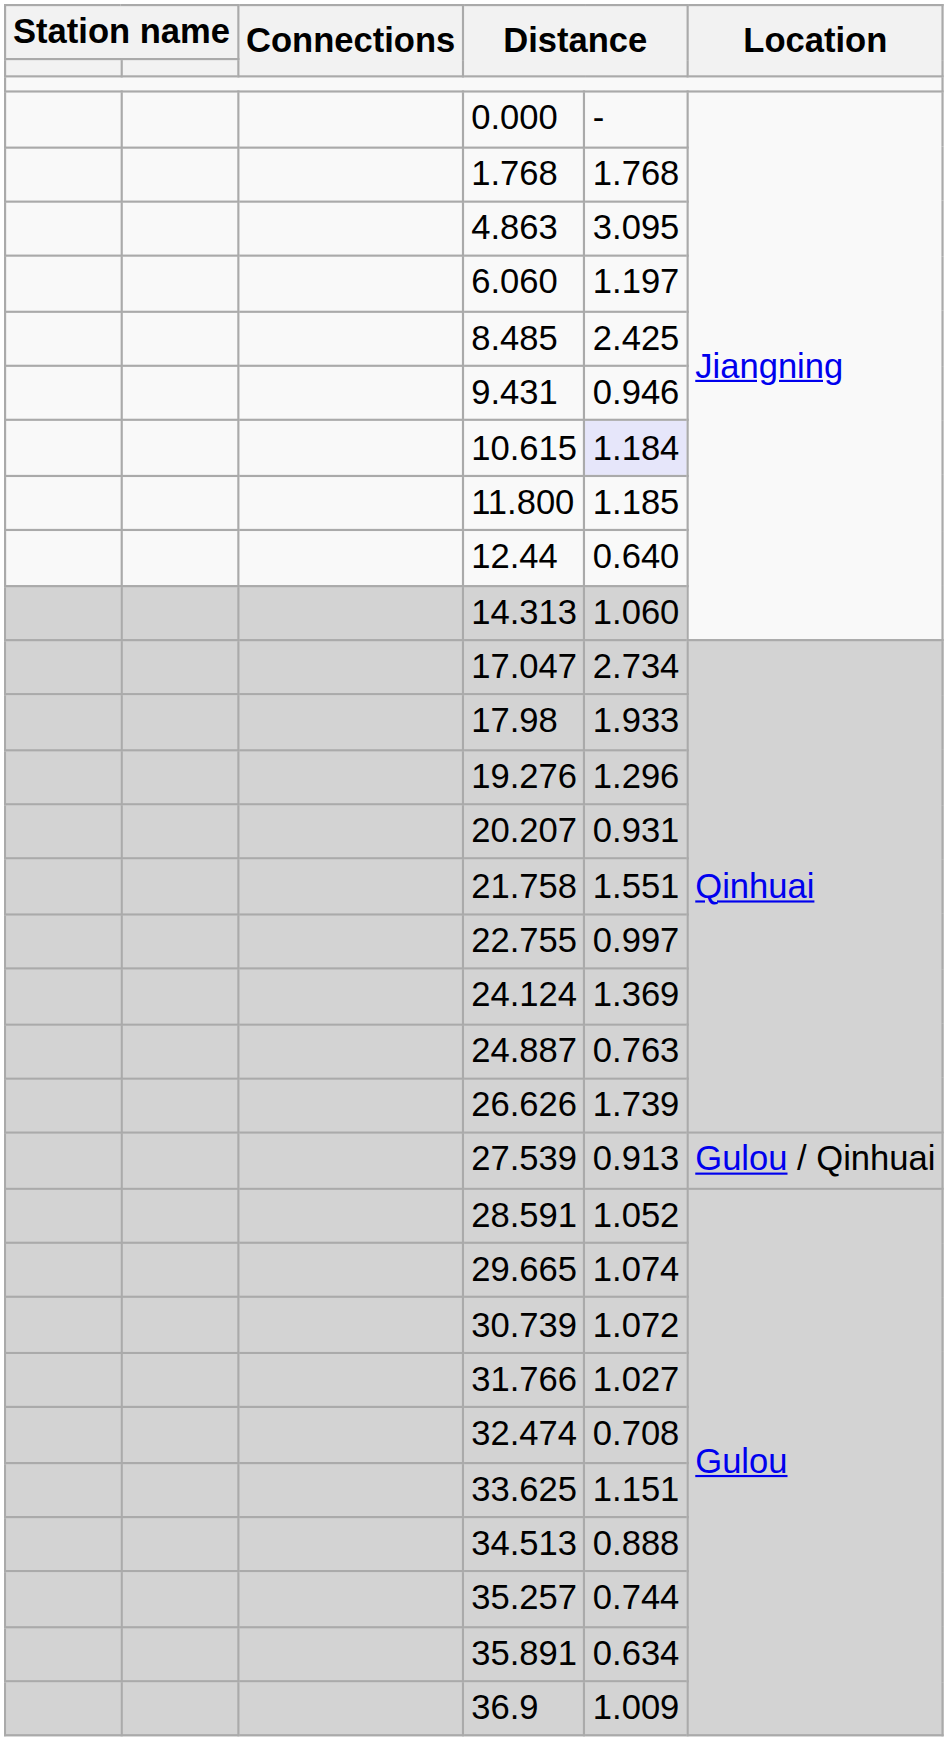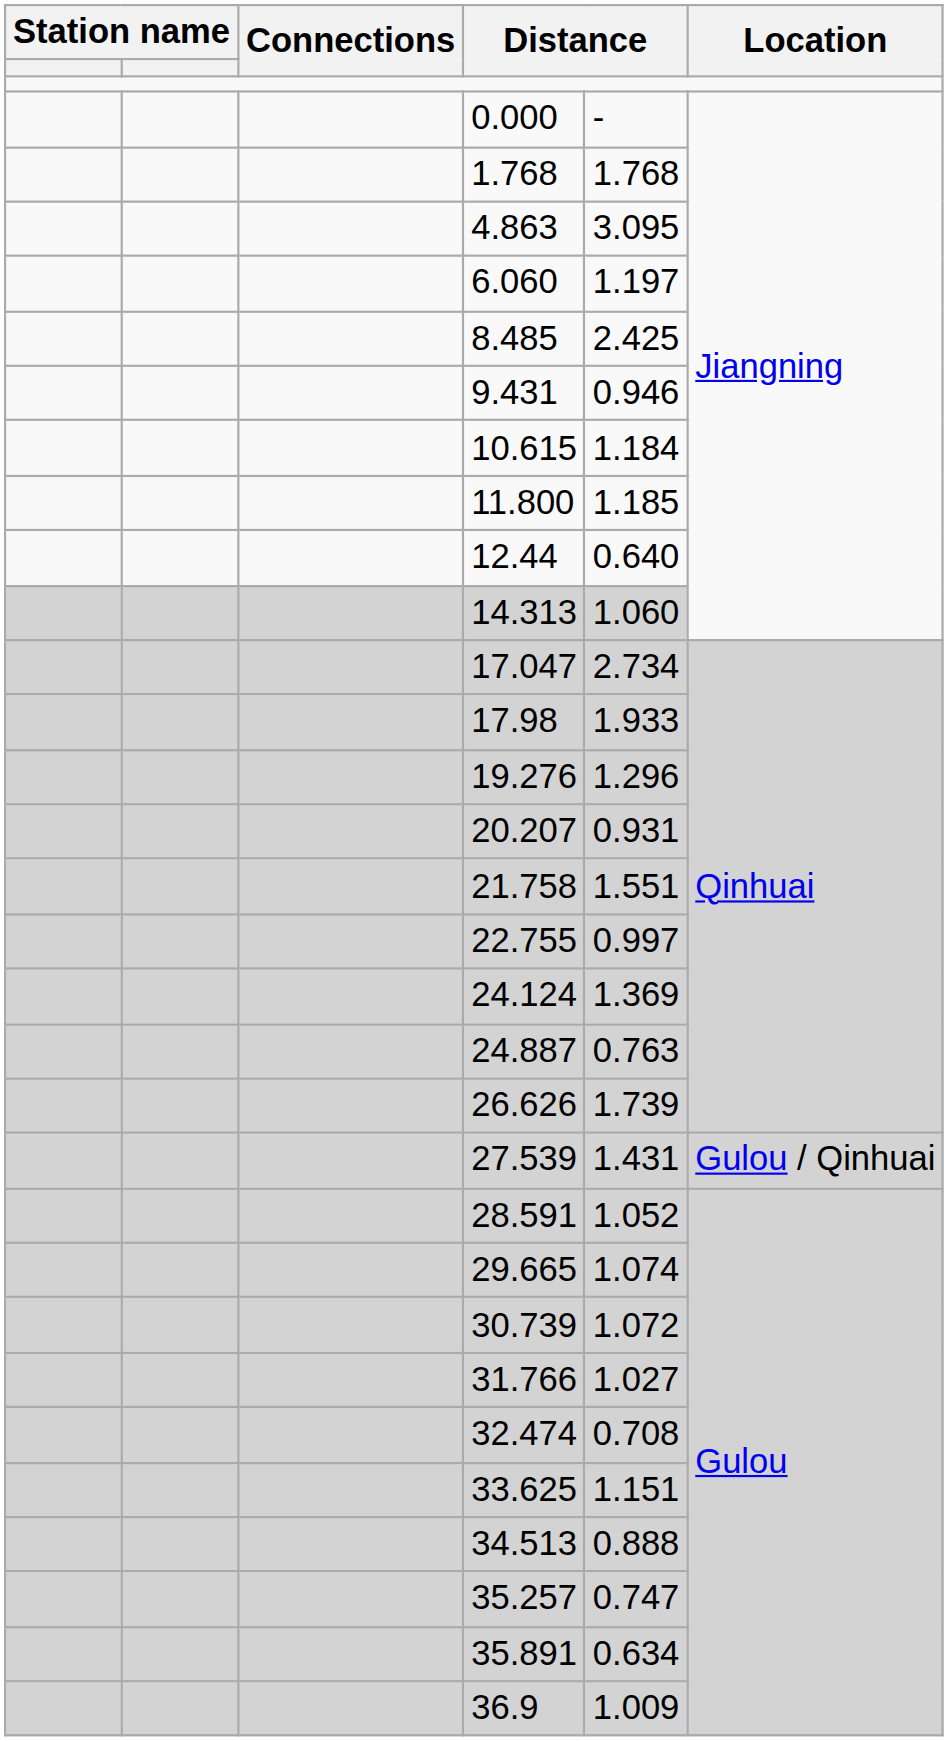 <table class="wikitable">
 <tr>
 <th colspan="2">Station name</th>
 <th rowspan="2">Connections</th>
 <th colspan="2" rowspan="2">Distance<br></th>
 <th rowspan="2">Location</th>
 </tr>
 <tr>
 <th></th>
 <th></th>
 </tr>
 <tr style="background:#">
 <td colspan = "6"></td>
 </tr>
 <tr>
 <td></td>
 <td></td>
 <td></td>
 <td>0.000</td>
 <td>-</td>
 <td rowspan = "10"><a href='#'>Jiangning</a></td>
 </tr>
 <tr>
 <td></td>
 <td></td>
 <td></td>
 <td>1.768</td>
 <td>1.768</td>
 </tr>
 <tr>
 <td></td>
 <td></td>
 <td></td>
 <td>4.863</td>
 <td>3.095</td>
 </tr>
 <tr>
 <td></td>
 <td></td>
 <td></td>
 <td>6.060</td>
 <td>1.197</td>
 </tr>
 <tr>
 <td></td>
 <td></td>
 <td></td>
 <td>8.485</td>
 <td>2.425</td>
 </tr>
 <tr>
 <td></td>
 <td></td>
 <td></td>
 <td>9.431</td>
 <td>0.946</td>
 </tr>
 <tr>
 <td></td>
 <td></td>
 <td></td>
 <td>10.615</td>
-<td style="background: lavender;">1.184</td>
+<td>1.184</td>
 </tr>
 <tr>
 <td></td>
 <td></td>
 <td></td>
 <td>11.800</td>
 <td>1.185</td>
 </tr>
 <tr>
 <td></td>
 <td></td>
 <td></td>
 <td>12.44</td>
 <td>0.640</td>
 </tr>
 <tr bgcolor="lightgrey">
 <td></td>
 <td></td>
 <td></td>
 <td>14.313</td>
 <td>1.060</td>
 </tr>
 <tr bgcolor="lightgrey">
 <td></td>
 <td></td>
 <td></td>
 <td>17.047</td>
 <td>2.734</td>
 <td rowspan = "9"><a href='#'>Qinhuai</a></td>
 </tr>
 <tr bgcolor="lightgrey">
 <td></td>
 <td></td>
 <td></td>
 <td>17.98</td>
 <td>1.933</td>
 </tr>
 <tr bgcolor="lightgrey">
 <td></td>
 <td></td>
 <td></td>
 <td>19.276</td>
 <td>1.296</td>
 </tr>
 <tr bgcolor="lightgrey">
 <td></td>
 <td></td>
 <td></td>
 <td>20.207</td>
 <td>0.931</td>
 </tr>
 <tr bgcolor="lightgrey">
 <td></td>
 <td></td>
 <td></td>
 <td>21.758</td>
 <td>1.551</td>
 </tr>
 <tr bgcolor="lightgrey">
 <td></td>
 <td></td>
 <td></td>
 <td>22.755</td>
 <td>0.997</td>
 </tr>
 <tr bgcolor="lightgrey">
 <td></td>
 <td></td>
 <td></td>
 <td>24.124</td>
 <td>1.369</td>
 </tr>
 <tr bgcolor="lightgrey">
 <td></td>
 <td></td>
 <td></td>
 <td>24.887</td>
 <td>0.763</td>
 </tr>
 <tr bgcolor="lightgrey">
 <td></td>
 <td></td>
 <td></td>
 <td>26.626</td>
 <td>1.739</td>
 </tr>
 <tr bgcolor="lightgrey">
 <td></td>
 <td></td>
 <td></td>
 <td>27.539</td>
-<td>0.913</td>
+<td>1.431</td>
 <td><a href='#'>Gulou</a> / Qinhuai</td>
 </tr>
 <tr bgcolor="lightgrey">
 <td></td>
 <td></td>
 <td></td>
 <td>28.591</td>
 <td>1.052</td>
 <td rowspan = "10"><a href='#'>Gulou</a></td>
 </tr>
 <tr bgcolor="lightgrey">
 <td></td>
 <td></td>
 <td></td>
 <td>29.665</td>
 <td>1.074</td>
 </tr>
 <tr bgcolor="lightgrey">
 <td></td>
 <td></td>
 <td></td>
 <td>30.739</td>
 <td>1.072</td>
 </tr>
 <tr bgcolor="lightgrey">
 <td></td>
 <td></td>
 <td></td>
 <td>31.766</td>
 <td>1.027</td>
 </tr>
 <tr bgcolor="lightgrey">
 <td></td>
 <td></td>
 <td></td>
 <td>32.474</td>
 <td>0.708</td>
 </tr>
 <tr bgcolor="lightgrey">
 <td></td>
 <td></td>
 <td></td>
 <td>33.625</td>
 <td>1.151</td>
 </tr>
 <tr bgcolor="lightgrey">
 <td></td>
 <td></td>
 <td></td>
 <td>34.513</td>
 <td>0.888</td>
 </tr>
 <tr bgcolor="lightgrey">
 <td></td>
 <td></td>
 <td></td>
 <td>35.257</td>
-<td>0.744</td>
+<td>0.747</td>
 </tr>
 <tr bgcolor="lightgrey">
 <td></td>
 <td></td>
 <td></td>
 <td>35.891</td>
 <td>0.634</td>
 </tr>
 <tr bgcolor="lightgrey">
 <td></td>
 <td></td>
 <td></td>
 <td>36.9</td>
 <td>1.009</td>
 </tr>
 </table>
